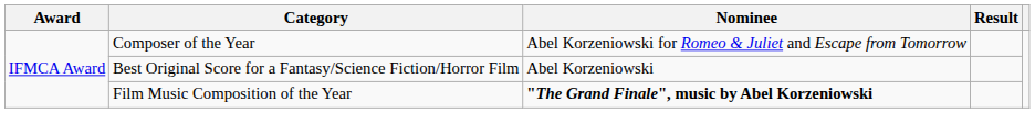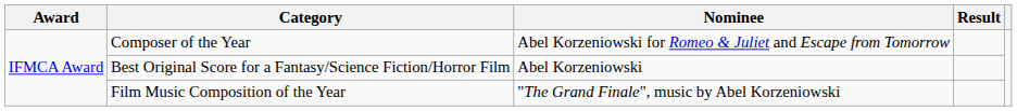 <table class="wikitable sortable">
 <tr>
 <th>Award</th>
 <th>Category</th>
 <th>Nominee</th>
 <th>Result</th>
 <th scope="col" class="unsortable"></th>
 </tr>
 <tr>
 <td rowspan="3"><a href='#'>IFMCA Award</a></td>
 <td>Composer of the Year</td>
 <td>Abel Korzeniowski for <em><a href='#'>Romeo & Juliet</a></em> and <em>Escape from Tomorrow</em></td>
 <td></td>
 <td rowspan="3"></td>
 </tr>
 <tr>
 <td>Best Original Score for a Fantasy/Science Fiction/Horror Film</td>
 <td>Abel Korzeniowski</td>
 <td></td>
 </tr>
 <tr>
 <td>Film Music Composition of the Year</td>
-<td><strong>"<em>The Grand Finale</em>", music by Abel Korzeniowski</strong></td>
+<td>"<em>The Grand Finale</em>", music by Abel Korzeniowski</td>
 <td></td>
 </tr>
 </table>
